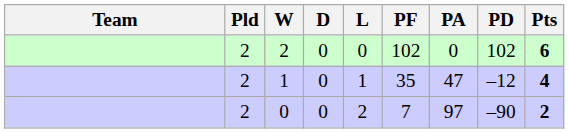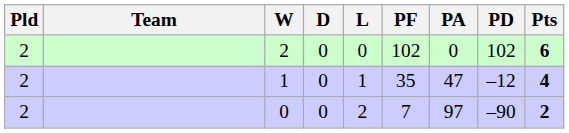 <table class="wikitable" style="text-align:center;">
 <tr>
+<th width=25 abbr="Played">Pld</th>
 <th width=175>Team</th>
-<th width=25 abbr="Played">Pld</th>
 <th width=25 abbr="Won">W</th>
 <th width=25 abbr="Drawn">D</th>
 <th width=25 abbr="Lost">L</th>
 <th width=32 abbr="Points for">PF</th>
 <th width=32 abbr="Points against">PA</th>
 <th width=32 abbr="Points difference">PD</th>
 <th width=25 abbr="Points">Pts</th>
 </tr>
 <tr bgcolor=ccffcc>
+<td>2</td>
 <td align=left></td>
-<td>2</td>
 <td>2</td>
 <td>0</td>
 <td>0</td>
 <td>102</td>
 <td>0</td>
 <td>102</td>
 <td><strong>6</strong></td>
 </tr>
 <tr bgcolor=ccccff>
+<td>2</td>
 <td align=left></td>
-<td>2</td>
 <td>1</td>
 <td>0</td>
 <td>1</td>
 <td>35</td>
 <td>47</td>
 <td>–12</td>
 <td><strong>4</strong></td>
 </tr>
 <tr bgcolor=ccccff>
+<td>2</td>
 <td align=left></td>
-<td>2</td>
 <td>0</td>
 <td>0</td>
 <td>2</td>
 <td>7</td>
 <td>97</td>
 <td>–90</td>
 <td><strong>2</strong></td>
 </tr>
 </table>
